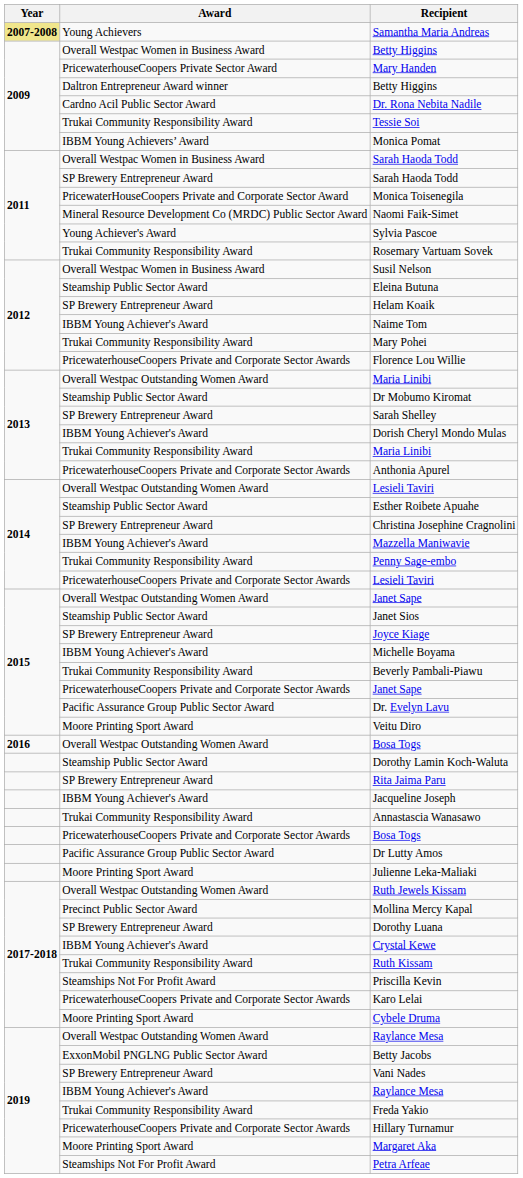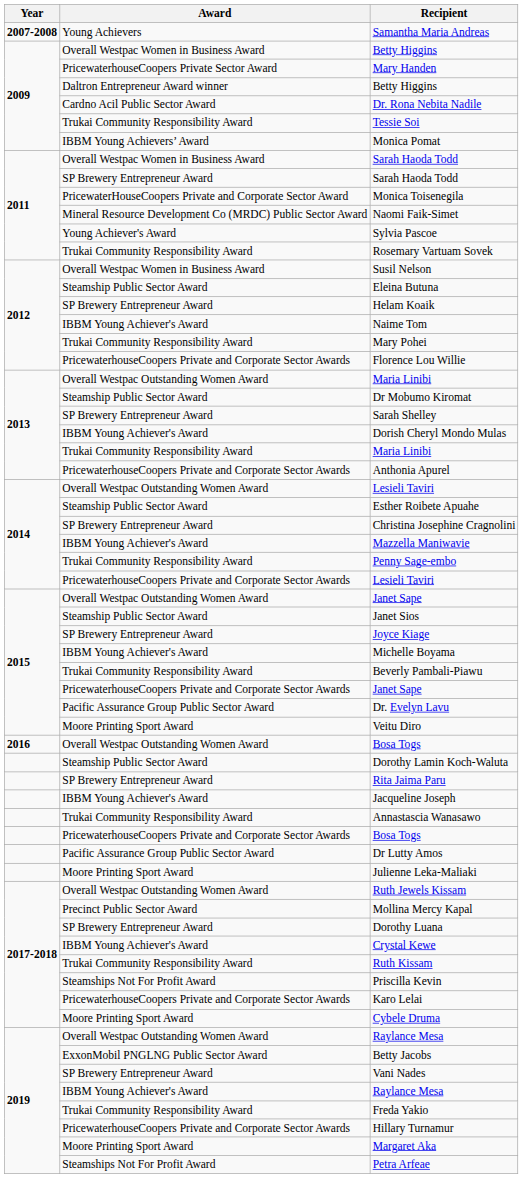 <table class="wikitable">
 <tr>
 <th>Year</th>
 <th>Award</th>
 <th>Recipient</th>
 </tr>
 <tr>
-<td style="background: khaki;"><strong>2007-2008</strong></td>
+<td><strong>2007-2008</strong></td>
 <td>Young Achievers</td>
 <td><a href='#'>Samantha Maria Andreas</a></td>
 </tr>
 <tr>
 <td rowspan="6"><strong>2009</strong></td>
 <td>Overall Westpac Women in Business Award</td>
 <td><a href='#'>Betty Higgins</a></td>
 </tr>
 <tr>
 <td>PricewaterhouseCoopers Private Sector Award</td>
 <td><a href='#'>Mary Handen</a></td>
 </tr>
 <tr>
 <td>Daltron Entrepreneur Award winner</td>
 <td>Betty Higgins</td>
 </tr>
 <tr>
 <td>Cardno Acil Public Sector Award</td>
 <td><a href='#'>Dr. Rona Nebita Nadile</a></td>
 </tr>
 <tr>
 <td>Trukai Community Responsibility Award</td>
 <td><a href='#'>Tessie Soi</a></td>
 </tr>
 <tr>
 <td>IBBM Young Achievers’ Award</td>
 <td>Monica Pomat</td>
 </tr>
 <tr>
 <td rowspan="6"><strong>2011</strong></td>
 <td>Overall Westpac Women in Business Award</td>
 <td><a href='#'>Sarah Haoda Todd</a></td>
 </tr>
 <tr>
 <td>SP Brewery Entrepreneur Award</td>
 <td>Sarah Haoda Todd</td>
 </tr>
 <tr>
 <td>PricewaterHouseCoopers Private and Corporate Sector Award</td>
 <td>Monica Toisenegila</td>
 </tr>
 <tr>
 <td>Mineral Resource Development Co (MRDC) Public Sector Award</td>
 <td>Naomi Faik-Simet</td>
 </tr>
 <tr>
 <td>Young Achiever's Award</td>
 <td>Sylvia Pascoe</td>
 </tr>
 <tr>
 <td>Trukai Community Responsibility Award</td>
 <td>Rosemary Vartuam Sovek</td>
 </tr>
 <tr>
 <td rowspan="6"><strong>2012</strong></td>
 <td>Overall Westpac Women in Business Award</td>
 <td>Susil Nelson</td>
 </tr>
 <tr>
 <td>Steamship Public Sector Award</td>
 <td>Eleina Butuna</td>
 </tr>
 <tr>
 <td>SP Brewery Entrepreneur Award</td>
 <td>Helam Koaik</td>
 </tr>
 <tr>
 <td>IBBM Young Achiever's Award</td>
 <td>Naime Tom</td>
 </tr>
 <tr>
 <td>Trukai Community Responsibility Award</td>
 <td>Mary Pohei</td>
 </tr>
 <tr>
 <td>PricewaterhouseCoopers Private and Corporate Sector Awards</td>
 <td>Florence Lou Willie</td>
 </tr>
 <tr>
 <td rowspan="6"><strong>2013</strong></td>
 <td>Overall Westpac Outstanding Women Award</td>
 <td><a href='#'>Maria Linibi</a></td>
 </tr>
 <tr>
 <td>Steamship Public Sector Award</td>
 <td>Dr Mobumo Kiromat</td>
 </tr>
 <tr>
 <td>SP Brewery Entrepreneur Award</td>
 <td>Sarah Shelley</td>
 </tr>
 <tr>
 <td>IBBM Young Achiever's Award</td>
 <td>Dorish Cheryl Mondo Mulas</td>
 </tr>
 <tr>
 <td>Trukai Community Responsibility Award</td>
 <td><a href='#'>Maria Linibi</a></td>
 </tr>
 <tr>
 <td>PricewaterhouseCoopers Private and Corporate Sector Awards</td>
 <td>Anthonia Apurel</td>
 </tr>
 <tr>
 <td rowspan="6"><strong>2014</strong></td>
 <td>Overall Westpac Outstanding Women Award</td>
 <td><a href='#'>Lesieli Taviri</a></td>
 </tr>
 <tr>
 <td>Steamship Public Sector Award</td>
 <td>Esther Roibete Apuahe</td>
 </tr>
 <tr>
 <td>SP Brewery Entrepreneur Award</td>
 <td>Christina Josephine Cragnolini</td>
 </tr>
 <tr>
 <td>IBBM Young Achiever's Award</td>
 <td><a href='#'>Mazzella Maniwavie</a></td>
 </tr>
 <tr>
 <td>Trukai Community Responsibility Award</td>
 <td><a href='#'>Penny Sage-embo</a></td>
 </tr>
 <tr>
 <td>PricewaterhouseCoopers Private and Corporate Sector Awards</td>
 <td><a href='#'>Lesieli Taviri</a></td>
 </tr>
 <tr>
 <td rowspan="8"><strong>2015</strong></td>
 <td>Overall Westpac Outstanding Women Award</td>
 <td><a href='#'>Janet Sape</a></td>
 </tr>
 <tr>
 <td>Steamship Public Sector Award</td>
 <td>Janet Sios</td>
 </tr>
 <tr>
 <td>SP Brewery Entrepreneur Award</td>
 <td><a href='#'>Joyce Kiage</a></td>
 </tr>
 <tr>
 <td>IBBM Young Achiever's Award</td>
 <td>Michelle Boyama</td>
 </tr>
 <tr>
 <td>Trukai Community Responsibility Award</td>
 <td>Beverly Pambali-Piawu</td>
 </tr>
 <tr>
 <td>PricewaterhouseCoopers Private and Corporate Sector Awards</td>
 <td><a href='#'>Janet Sape</a></td>
 </tr>
 <tr>
 <td>Pacific Assurance Group Public Sector Award</td>
 <td>Dr. <a href='#'>Evelyn Lavu</a></td>
 </tr>
 <tr>
 <td>Moore Printing Sport Award</td>
 <td>Veitu Diro</td>
 </tr>
 <tr>
 <td><strong>2016</strong></td>
 <td>Overall Westpac Outstanding Women Award</td>
 <td><a href='#'>Bosa Togs</a></td>
 </tr>
 <tr>
 <td></td>
 <td>Steamship Public Sector Award</td>
 <td>Dorothy Lamin Koch-Waluta</td>
 </tr>
 <tr>
 <td></td>
 <td>SP Brewery Entrepreneur Award</td>
 <td><a href='#'>Rita Jaima Paru</a></td>
 </tr>
 <tr>
 <td></td>
 <td>IBBM Young Achiever's Award</td>
 <td>Jacqueline Joseph</td>
 </tr>
 <tr>
 <td></td>
 <td>Trukai Community Responsibility Award</td>
 <td>Annastascia Wanasawo</td>
 </tr>
 <tr>
 <td></td>
 <td>PricewaterhouseCoopers Private and Corporate Sector Awards</td>
 <td><a href='#'>Bosa Togs</a></td>
 </tr>
 <tr>
 <td></td>
 <td>Pacific Assurance Group Public Sector Award</td>
 <td>Dr Lutty Amos</td>
 </tr>
 <tr>
 <td></td>
 <td>Moore Printing Sport Award</td>
 <td>Julienne Leka-Maliaki</td>
 </tr>
 <tr>
 <td rowspan="8"><strong>2017-2018</strong></td>
 <td>Overall Westpac Outstanding Women Award</td>
 <td><a href='#'>Ruth Jewels Kissam</a></td>
 </tr>
 <tr>
 <td>Precinct Public Sector Award</td>
 <td>Mollina Mercy Kapal</td>
 </tr>
 <tr>
 <td>SP Brewery Entrepreneur Award</td>
 <td>Dorothy Luana</td>
 </tr>
 <tr>
 <td>IBBM Young Achiever's Award</td>
 <td><a href='#'>Crystal Kewe</a></td>
 </tr>
 <tr>
 <td>Trukai Community Responsibility Award</td>
 <td><a href='#'>Ruth Kissam</a></td>
 </tr>
 <tr>
 <td>Steamships Not For Profit Award</td>
 <td>Priscilla Kevin</td>
 </tr>
 <tr>
 <td>PricewaterhouseCoopers Private and Corporate Sector Awards</td>
 <td>Karo Lelai</td>
 </tr>
 <tr>
 <td>Moore Printing Sport Award</td>
 <td><a href='#'>Cybele Druma</a></td>
 </tr>
 <tr>
 <td rowspan="8"><strong>2019</strong></td>
 <td>Overall Westpac Outstanding Women Award</td>
 <td><a href='#'>Raylance Mesa</a></td>
 </tr>
 <tr>
 <td>ExxonMobil PNGLNG Public Sector Award</td>
 <td>Betty Jacobs</td>
 </tr>
 <tr>
 <td>SP Brewery Entrepreneur Award</td>
 <td>Vani Nades</td>
 </tr>
 <tr>
 <td>IBBM Young Achiever's Award</td>
 <td><a href='#'>Raylance Mesa</a></td>
 </tr>
 <tr>
 <td>Trukai Community Responsibility Award</td>
 <td>Freda Yakio</td>
 </tr>
 <tr>
 <td>PricewaterhouseCoopers Private and Corporate Sector Awards</td>
 <td>Hillary Turnamur</td>
 </tr>
 <tr>
 <td>Moore Printing Sport Award</td>
 <td><a href='#'>Margaret Aka</a></td>
 </tr>
 <tr>
 <td>Steamships Not For Profit Award</td>
 <td><a href='#'>Petra Arfeae</a></td>
 </tr>
 </table>
